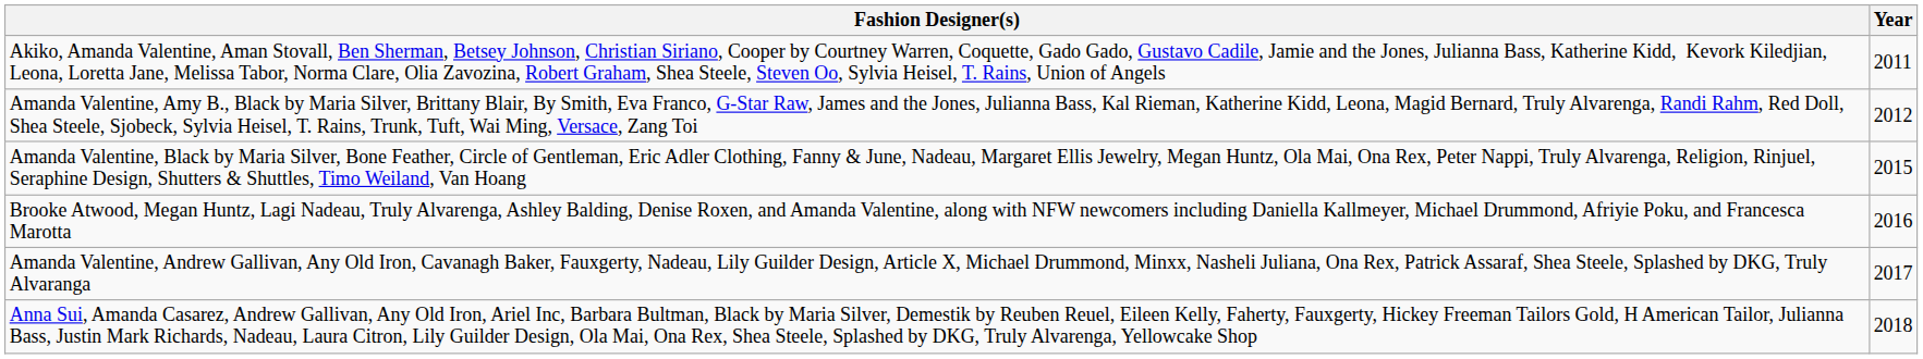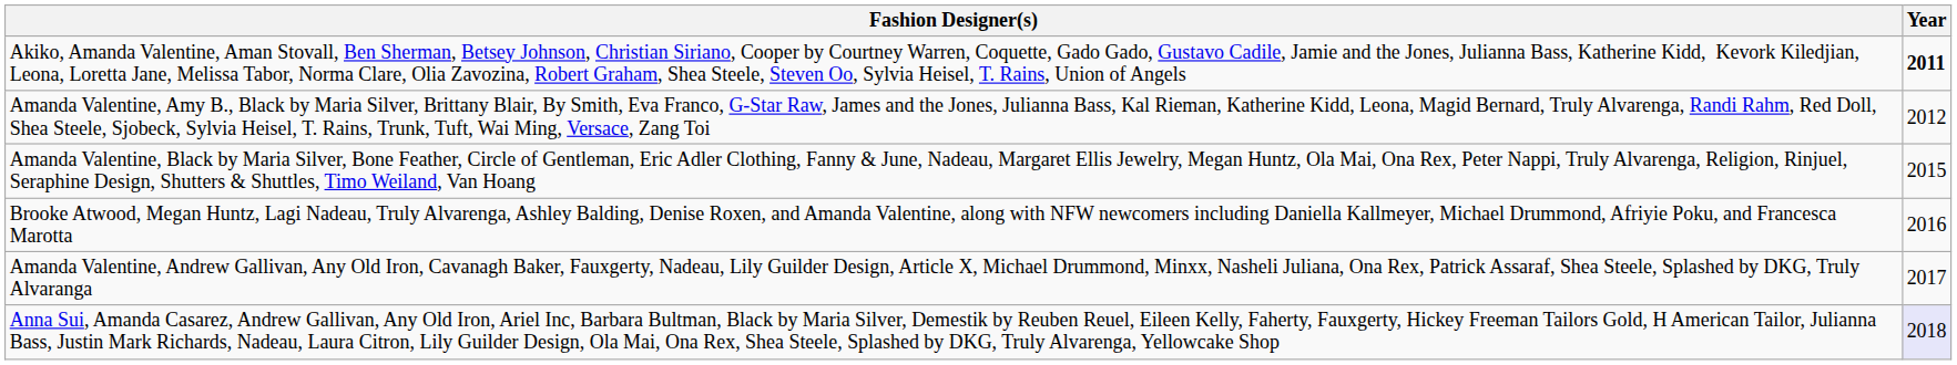 <table class="wikitable">
 <tr>
 <th>Fashion Designer(s)</th>
 <th>Year</th>
 </tr>
 <tr>
 <td>Akiko, Amanda Valentine, Aman Stovall, <a href='#'>Ben Sherman</a>, <a href='#'>Betsey Johnson</a>, <a href='#'>Christian Siriano</a>, Cooper by Courtney Warren, Coquette, Gado Gado, <a href='#'>Gustavo Cadile</a>, Jamie and the Jones, Julianna Bass, Katherine Kidd,  Kevork Kiledjian, Leona, Loretta Jane, Melissa Tabor, Norma Clare, Olia Zavozina, <a href='#'>Robert Graham</a>, Shea Steele, <a href='#'>Steven Oo</a>, Sylvia Heisel, <a href='#'>T. Rains</a>, Union of Angels</td>
-<td>2011</td>
+<td><strong>2011</strong></td>
 </tr>
 <tr>
 <td>Amanda Valentine, Amy B., Black by Maria Silver, Brittany Blair, By Smith, Eva Franco, <a href='#'>G-Star Raw</a>, James and the Jones, Julianna Bass, Kal Rieman, Katherine Kidd, Leona, Magid Bernard, Truly Alvarenga, <a href='#'>Randi Rahm</a>, Red Doll, Shea Steele, Sjobeck, Sylvia Heisel, T. Rains, Trunk, Tuft, Wai Ming, <a href='#'>Versace</a>, Zang Toi</td>
 <td>2012</td>
 </tr>
 <tr>
 <td>Amanda Valentine, Black by Maria Silver, Bone Feather, Circle of Gentleman, Eric Adler Clothing, Fanny & June, Nadeau, Margaret Ellis Jewelry, Megan Huntz, Ola Mai, Ona Rex, Peter Nappi, Truly Alvarenga, Religion, Rinjuel, Seraphine Design, Shutters & Shuttles, <a href='#'>Timo Weiland</a>, Van Hoang</td>
 <td>2015</td>
 </tr>
 <tr>
 <td>Brooke Atwood, Megan Huntz, Lagi Nadeau, Truly Alvarenga, Ashley Balding, Denise Roxen, and Amanda Valentine, along with NFW newcomers including Daniella Kallmeyer, Michael Drummond, Afriyie Poku, and Francesca Marotta</td>
 <td>2016</td>
 </tr>
 <tr>
 <td>Amanda Valentine, Andrew Gallivan, Any Old Iron, Cavanagh Baker, Fauxgerty, Nadeau, Lily Guilder Design, Article X, Michael Drummond, Minxx, Nasheli Juliana, Ona Rex, Patrick Assaraf, Shea Steele, Splashed by DKG, Truly Alvaranga</td>
 <td>2017</td>
 </tr>
 <tr>
 <td><a href='#'>Anna Sui</a>, Amanda Casarez, Andrew Gallivan, Any Old Iron, Ariel Inc, Barbara Bultman, Black by Maria Silver, Demestik by Reuben Reuel, Eileen Kelly, Faherty, Fauxgerty, Hickey Freeman Tailors Gold, H American Tailor, Julianna Bass, Justin Mark Richards, Nadeau, Laura Citron, Lily Guilder Design, Ola Mai, Ona Rex, Shea Steele, Splashed by DKG, Truly Alvarenga, Yellowcake Shop</td>
-<td>2018</td>
+<td style="background: lavender;">2018</td>
 </tr>
 </table>
